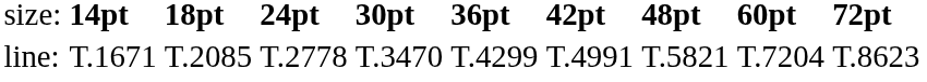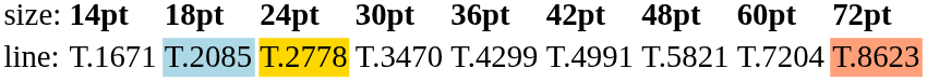 <table style="margin-left:40px;">
 <tr>
 <td>size:</td>
 <td><strong>14pt</strong></td>
 <td><strong>18pt</strong></td>
 <td><strong>24pt</strong></td>
 <td><strong>30pt</strong></td>
 <td><strong>36pt</strong></td>
 <td><strong>42pt</strong></td>
 <td><strong>48pt</strong></td>
 <td><strong>60pt</strong></td>
 <td><strong>72pt</strong></td>
 </tr>
 <tr>
 <td>line:</td>
 <td>T.1671</td>
-<td>T.2085</td>
-<td>T.2778</td>
+<td style="background: lightblue;">T.2085</td>
+<td style="background: gold;">T.2778</td>
 <td>T.3470</td>
 <td>T.4299</td>
 <td>T.4991</td>
 <td>T.5821</td>
 <td>T.7204</td>
-<td>T.8623</td>
+<td style="background: lightsalmon;">T.8623</td>
 </tr>
 </table>
